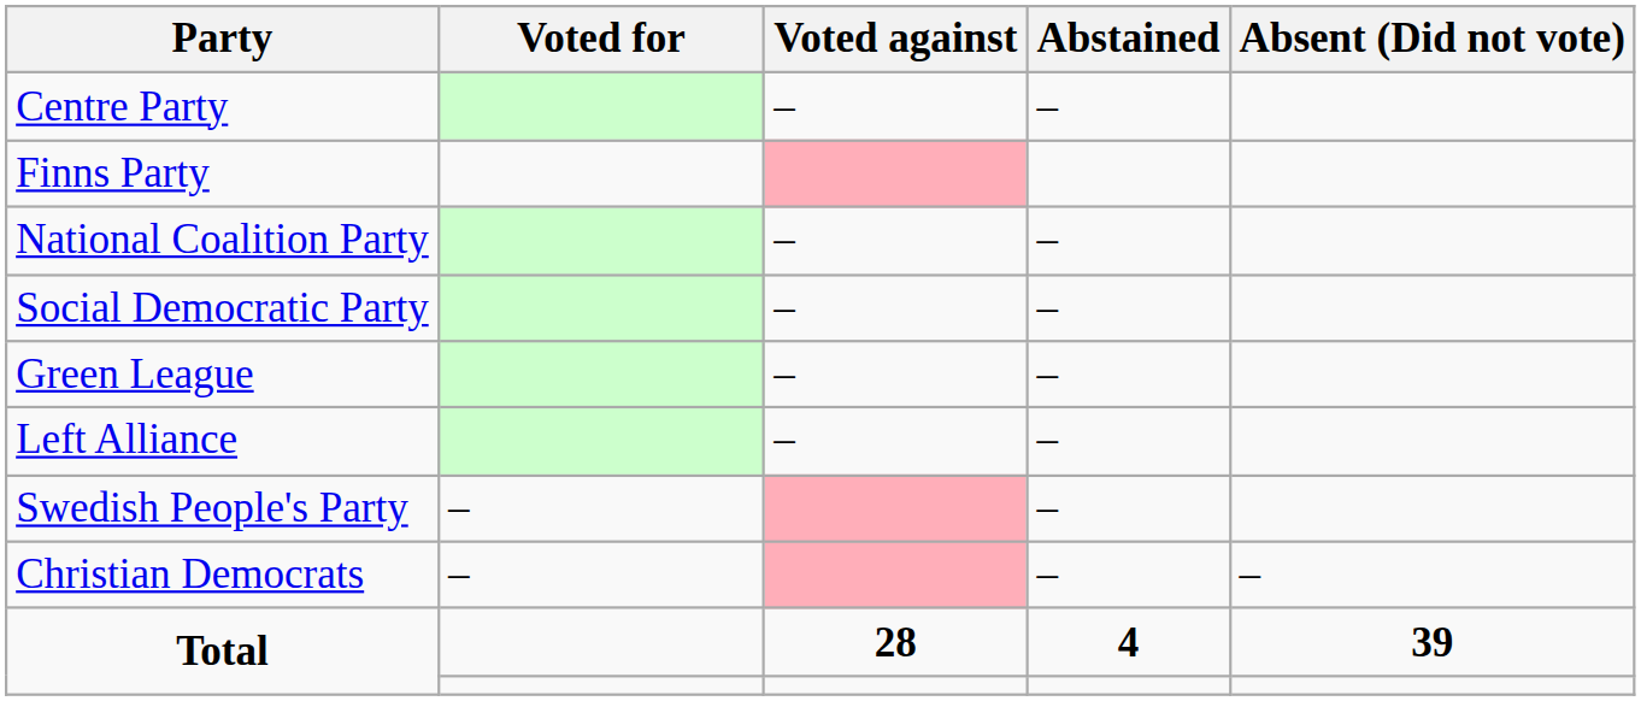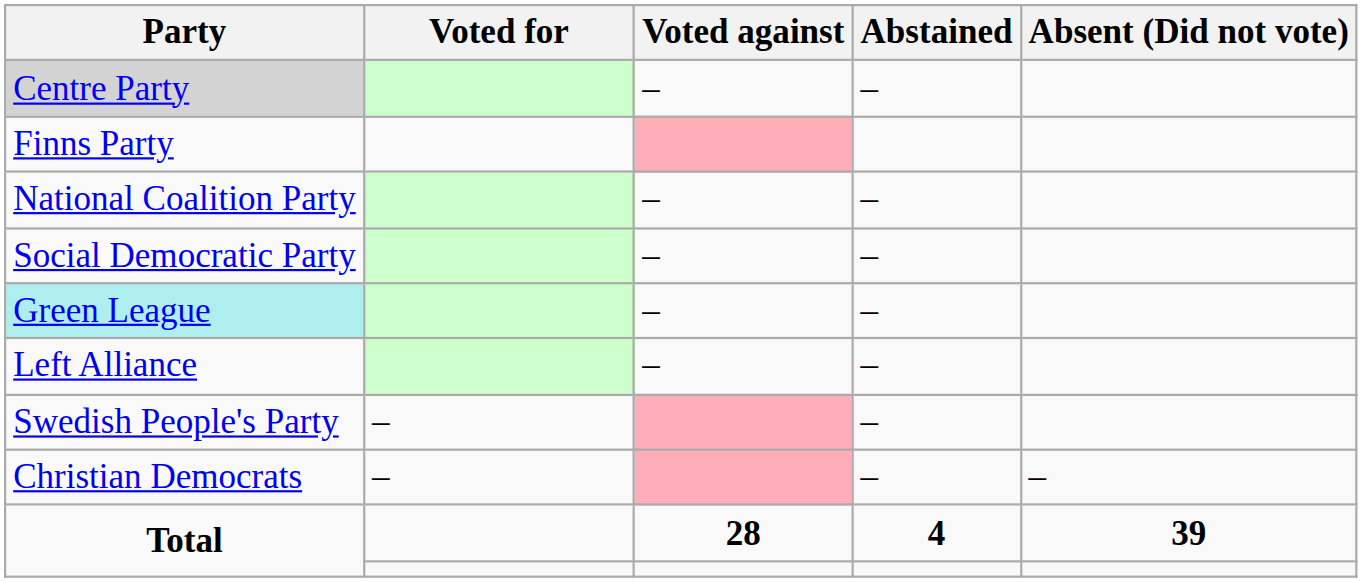 <table class="wikitable">
 <tr>
 <th>Party</th>
 <th style="width:20%;">Voted for</th>
 <th>Voted against</th>
 <th>Abstained</th>
 <th>Absent (Did not vote)</th>
 </tr>
 <tr>
-<td> <a href='#'>Centre Party</a></td>
+<td style="background: lightgrey;"> <a href='#'>Centre Party</a></td>
 <td style="background-color:#CCFFCC;"></td>
 <td>–</td>
 <td>–</td>
 <td></td>
 </tr>
 <tr>
 <td> <a href='#'>Finns Party</a></td>
 <td></td>
 <td style="background-color:#FFAEB9;"></td>
 <td></td>
 <td></td>
 </tr>
 <tr>
 <td> <a href='#'>National Coalition Party</a></td>
 <td style="background-color:#CCFFCC;"></td>
 <td>–</td>
 <td>–</td>
 <td></td>
 </tr>
 <tr>
 <td> <a href='#'>Social Democratic Party</a></td>
 <td style="background-color:#CCFFCC;"></td>
 <td>–</td>
 <td>–</td>
 <td></td>
 </tr>
 <tr>
-<td> <a href='#'>Green League</a></td>
+<td style="background: paleturquoise;"> <a href='#'>Green League</a></td>
 <td style="background-color:#CCFFCC;"></td>
 <td>–</td>
 <td>–</td>
 <td></td>
 </tr>
 <tr>
 <td> <a href='#'>Left Alliance</a></td>
 <td style="background-color:#CCFFCC;"></td>
 <td>–</td>
 <td>–</td>
 <td></td>
 </tr>
 <tr>
 <td> <a href='#'>Swedish People's Party</a></td>
 <td>–</td>
 <td style="background-color:#FFAEB9;"></td>
 <td>–</td>
 <td></td>
 </tr>
 <tr>
 <td> <a href='#'>Christian Democrats</a></td>
 <td>–</td>
 <td style="background-color:#FFAEB9;"></td>
 <td>–</td>
 <td>–</td>
 </tr>
 <tr>
 <td style="text-align:center;" rowspan="2"><strong>Total</strong></td>
 <td></td>
 <td style="text-align:center;"><strong>28</strong></td>
 <td style="text-align:center;"><strong>4</strong></td>
 <td style="text-align:center;"><strong>39</strong></td>
 </tr>
 <tr>
 <td style="text-align:center;"></td>
 <td style="text-align:center;"></td>
 <td style="text-align:center;"></td>
 <td style="text-align:center;"></td>
 </tr>
 </table>
